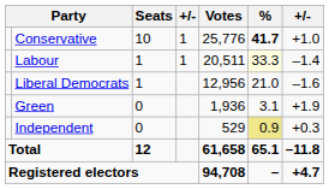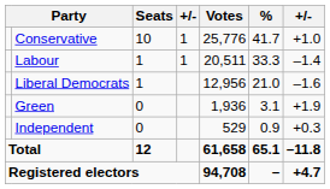 <table class="wikitable sortable">
 <tr>
 <th colspan="2">Party</th>
 <th>Seats</th>
 <th>+/-</th>
 <th>Votes</th>
 <th>%</th>
 <th>+/-</th>
 </tr>
 <tr>
 <td style="background-color: "></td>
 <td><a href='#'>Conservative</a></td>
 <td>10</td>
 <td> 1</td>
 <td style="text-align:right;">25,776</td>
-<td style="text-align:right;"><strong>41.7</strong></td>
+<td style="text-align:right;">41.7</td>
 <td style="text-align:right;">+1.0</td>
 </tr>
 <tr>
 <td style="background-color: "></td>
 <td><a href='#'>Labour</a></td>
 <td>1</td>
 <td> 1</td>
 <td style="text-align:right;">20,511</td>
-<td style="background: lightyellow; text-align:right;">33.3</td>
+<td style="text-align:right;">33.3</td>
 <td style="text-align:right;">–1.4</td>
 </tr>
 <tr>
 <td style="background-color: "></td>
 <td><a href='#'>Liberal Democrats</a></td>
 <td>1</td>
 <td></td>
 <td style="text-align:right;">12,956</td>
 <td style="text-align:right;">21.0</td>
 <td style="text-align:right;">–1.6</td>
 </tr>
 <tr>
 <td style="background-color: "></td>
 <td><a href='#'>Green</a></td>
 <td>0</td>
 <td></td>
 <td style="text-align:right;">1,936</td>
 <td style="text-align:right;">3.1</td>
 <td style="text-align:right;">+1.9</td>
 </tr>
 <tr>
 <td style="background-color: "></td>
 <td><a href='#'>Independent</a></td>
 <td>0</td>
 <td></td>
 <td style="text-align:right;">529</td>
-<td style="background: khaki; text-align:right;">0.9</td>
+<td style="text-align:right;">0.9</td>
 <td style="text-align:right;">+0.3</td>
 </tr>
 <tr>
 <td colspan="2"><strong>Total</strong></td>
 <td><strong>12</strong></td>
 <td></td>
 <td style="text-align:right;"><strong>61,658</strong></td>
 <td style="text-align:right;"><strong>65.1</strong></td>
 <td style="text-align:right;"><strong>–11.8</strong></td>
 </tr>
 <tr>
 <td colspan="4"><strong>Registered electors</strong></td>
 <td style="text-align:right;"><strong>94,708</strong></td>
 <td style="text-align:right;"><strong>–</strong></td>
 <td style="text-align:right;"><strong>+4.7</strong></td>
 </tr>
 </table>
